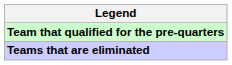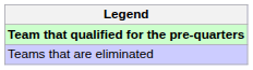 <table class="wikitable" style="background:#ccccf0;">
 <tr>
 <th>Legend</th>
 </tr>
 <tr style="background:#cfc;">
 <td><strong>Team that qualified for the pre-quarters</strong></td>
 </tr>
 <tr style="background:#ccf;">
-<td><strong>Teams that are eliminated</strong></td>
+<td>Teams that are eliminated</td>
 </tr>
 </table>
